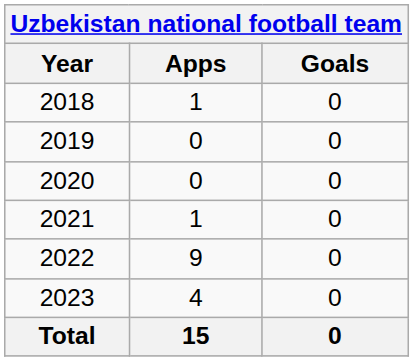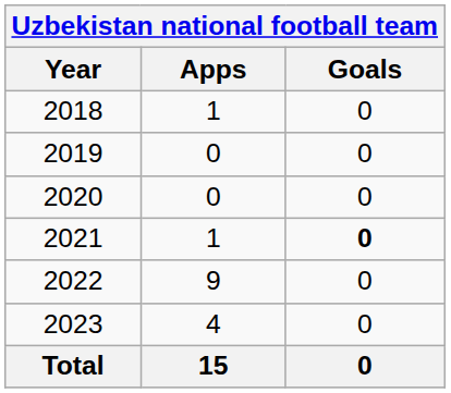 <table class="wikitable" style="text-align:center">
 <tr>
 <th colspan=3><a href='#'>Uzbekistan national football team</a></th>
 </tr>
 <tr>
 <th>Year</th>
 <th>Apps</th>
 <th>Goals</th>
 </tr>
 <tr>
 <td>2018</td>
 <td>1</td>
 <td>0</td>
 </tr>
 <tr>
 <td>2019</td>
 <td>0</td>
 <td>0</td>
 </tr>
 <tr>
 <td>2020</td>
 <td>0</td>
 <td>0</td>
 </tr>
 <tr>
 <td>2021</td>
 <td>1</td>
-<td>0</td>
+<td><strong>0</strong></td>
 </tr>
 <tr>
 <td>2022</td>
 <td>9</td>
 <td>0</td>
 </tr>
 <tr>
 <td>2023</td>
 <td>4</td>
 <td>0</td>
 </tr>
 <tr>
 <th>Total</th>
 <th>15</th>
 <th>0</th>
 </tr>
 </table>
